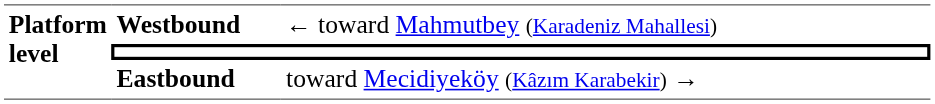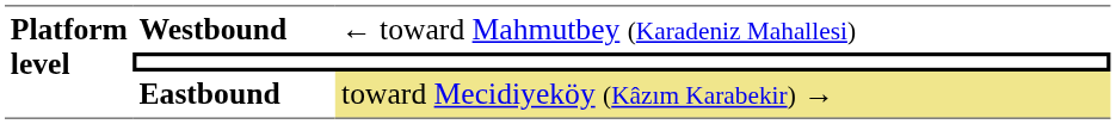 <table cellpadding="3" cellspacing="0" border="0">
 <tr>
 <td rowspan="3" width="50" style="border-top-color: gray; border-bottom-color: gray; border-top-width: 1px; border-bottom-width: 1px; border-top-style: solid; border-bottom-style: solid;" valign="top"><strong>Platform level</strong></td>
 <td width="100" style="border-top-color: gray; border-top-width: 1px; border-top-style: solid;"><strong>Westbound</strong></td>
 <td width="400" style="border-top-color: gray; border-top-width: 1px; border-top-style: solid;">←  toward <a href='#'>Mahmutbey</a> <small>(<a href='#'>Karadeniz Mahallesi</a>)</small></td>
 </tr>
 <tr>
 <td colspan="2" style="border: 2px solid black; border-image: none; text-align: center;"></td>
 </tr>
 <tr>
 <td style="border-bottom-color: gray; border-bottom-width: 1px; border-bottom-style: solid;"><strong>Eastbound</strong></td>
-<td style="border-bottom-color: gray; border-bottom-width: 1px; border-bottom-style: solid;"> toward <a href='#'>Mecidiyeköy</a> <small>(<a href='#'>Kâzım Karabekir</a>)</small> →</td>
+<td style="background: khaki; border-bottom-color: gray; border-bottom-width: 1px; border-bottom-style: solid;"> toward <a href='#'>Mecidiyeköy</a> <small>(<a href='#'>Kâzım Karabekir</a>)</small> →</td>
 </tr>
 </table>
